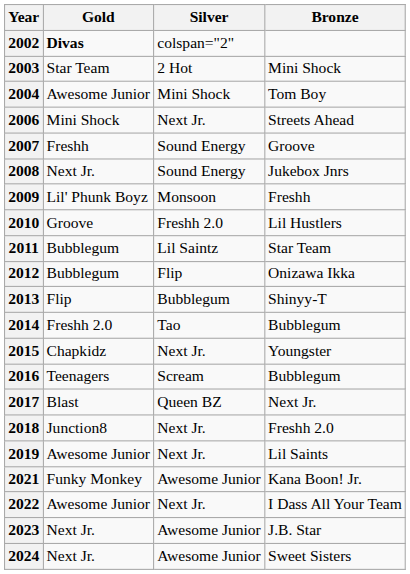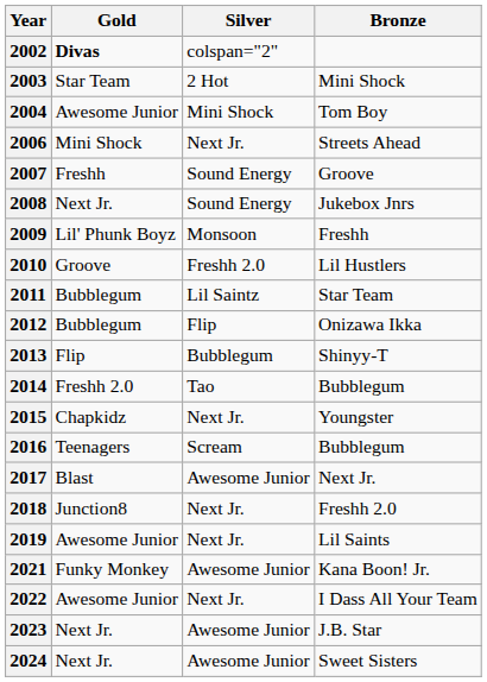 <table class="wikitable sortable plainrowheaders" style="text-align:left; font-size:90%;">
 <tr>
 <th scope="col">Year</th>
 <th scope="col"> <strong>Gold</strong></th>
 <th scope="col"> <strong>Silver</strong></th>
 <th scope="col"> <strong>Bronze</strong></th>
 </tr>
 <tr>
 <th>2002</th>
 <td><strong> Divas</strong></td>
 <td>colspan="2" </td>
 </tr>
 <tr>
 <th>2003</th>
 <td> Star Team</td>
 <td> 2 Hot</td>
 <td> Mini Shock</td>
 </tr>
 <tr>
 <th>2004</th>
 <td> Awesome Junior</td>
 <td> Mini Shock</td>
 <td> Tom Boy</td>
 </tr>
 <tr>
 <th>2006</th>
 <td> Mini Shock</td>
 <td> Next Jr.</td>
 <td> Streets Ahead</td>
 </tr>
 <tr>
 <th>2007</th>
 <td> Freshh</td>
 <td> Sound Energy</td>
 <td> Groove</td>
 </tr>
 <tr>
 <th>2008</th>
 <td> Next Jr.</td>
 <td> Sound Energy</td>
 <td> Jukebox Jnrs</td>
 </tr>
 <tr>
 <th>2009</th>
 <td> Lil' Phunk Boyz</td>
 <td> Monsoon</td>
 <td> Freshh</td>
 </tr>
 <tr>
 <th>2010</th>
 <td> Groove</td>
 <td> Freshh 2.0</td>
 <td> Lil Hustlers</td>
 </tr>
 <tr>
 <th>2011</th>
 <td> Bubblegum</td>
 <td> Lil Saintz</td>
 <td> Star Team</td>
 </tr>
 <tr>
 <th>2012</th>
 <td> Bubblegum</td>
 <td> Flip</td>
 <td> Onizawa Ikka</td>
 </tr>
 <tr>
 <th>2013</th>
 <td> Flip</td>
 <td> Bubblegum</td>
 <td> Shinyy-T</td>
 </tr>
 <tr>
 <th>2014</th>
 <td> Freshh 2.0</td>
 <td> Tao</td>
 <td> Bubblegum</td>
 </tr>
 <tr>
 <th>2015</th>
 <td> Chapkidz</td>
 <td> Next Jr.</td>
 <td> Youngster</td>
 </tr>
 <tr>
 <th>2016</th>
 <td> Teenagers</td>
 <td> Scream</td>
 <td> Bubblegum</td>
 </tr>
 <tr>
 <th>2017</th>
 <td> Blast</td>
-<td> Queen BZ</td>
+<td> Awesome Junior</td>
 <td> Next Jr.</td>
 </tr>
 <tr>
 <th>2018</th>
 <td> Junction8</td>
 <td> Next Jr.</td>
 <td> Freshh 2.0</td>
 </tr>
 <tr>
 <th>2019</th>
 <td> Awesome Junior</td>
 <td> Next Jr.</td>
 <td> Lil Saints</td>
 </tr>
 <tr>
 <th>2021</th>
 <td> Funky Monkey</td>
 <td> Awesome Junior</td>
 <td> Kana Boon! Jr.</td>
 </tr>
 <tr>
 <th>2022</th>
 <td> Awesome Junior</td>
 <td> Next Jr.</td>
 <td> I Dass All Your Team</td>
 </tr>
 <tr>
 <th>2023</th>
 <td> Next Jr.</td>
 <td> Awesome Junior</td>
 <td> J.B. Star</td>
 </tr>
 <tr>
 <th>2024</th>
 <td> Next Jr.</td>
 <td> Awesome Junior</td>
 <td> Sweet Sisters</td>
 </tr>
 </table>
